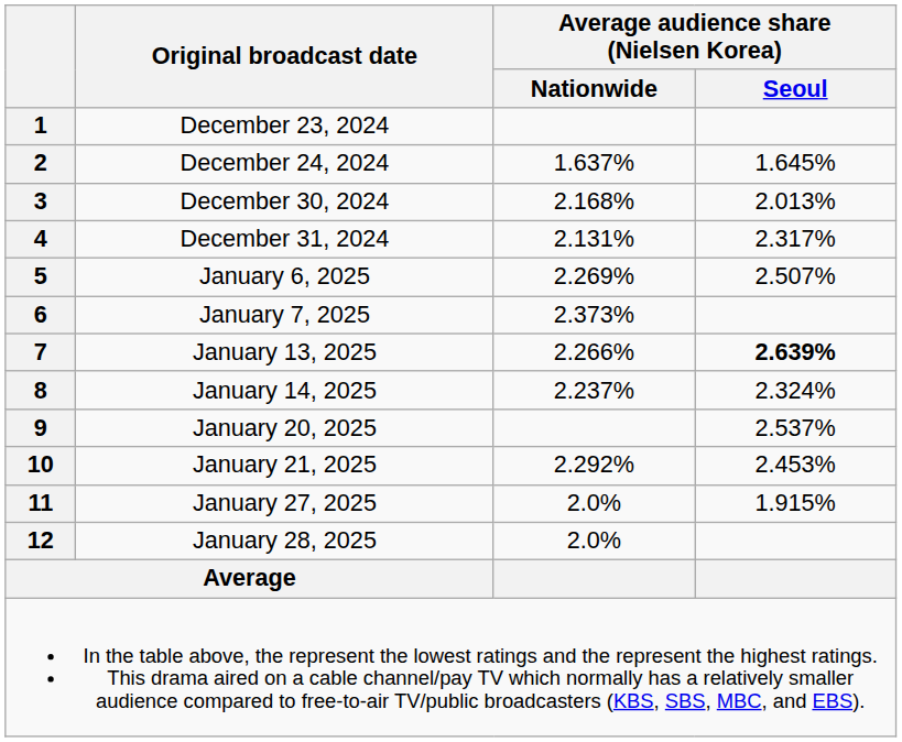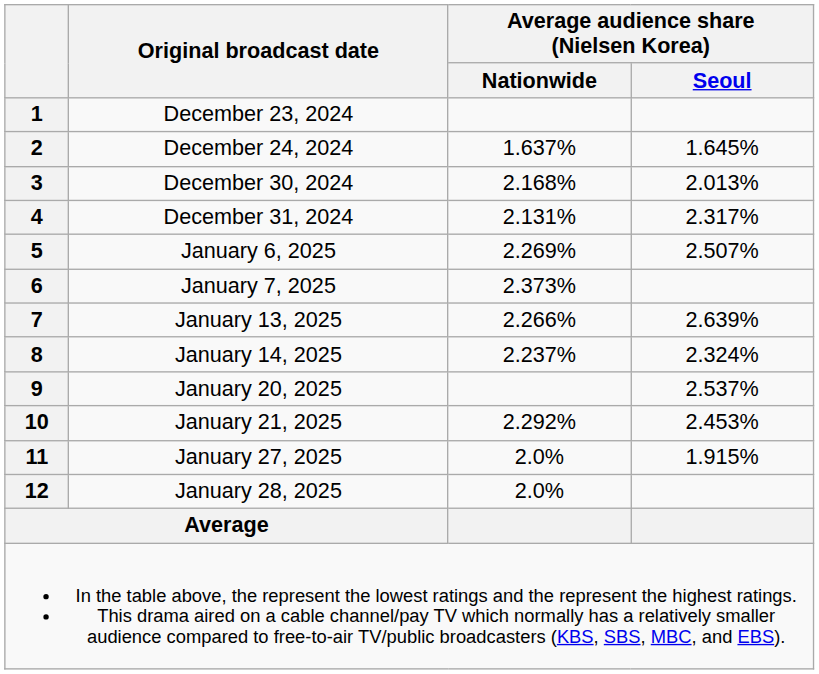 <table class="wikitable" style="margin-left:auto; margin-right:auto; width:600px; text-align:center">
 <tr>
 <th scope="col" rowspan="2"></th>
 <th scope="col" rowspan="2">Original broadcast date</th>
 <th scope="col" colspan="2">Average audience share<br>(Nielsen Korea)</th>
 </tr>
 <tr>
 <th scope="col" style="width:8em">Nationwide</th>
 <th scope="col" style="width:8em"><a href='#'>Seoul</a></th>
 </tr>
 <tr>
 <th scope="row">1</th>
 <td>December 23, 2024</td>
 <td><strong></strong> </td>
 <td><strong></strong> </td>
 </tr>
 <tr>
 <th scope="row">2</th>
 <td>December 24, 2024</td>
 <td>1.637% </td>
 <td>1.645% </td>
 </tr>
 <tr>
 <th scope="row">3</th>
 <td>December 30, 2024</td>
 <td>2.168% </td>
 <td>2.013% </td>
 </tr>
 <tr>
 <th scope="row">4</th>
 <td>December 31, 2024</td>
 <td>2.131% </td>
 <td>2.317% </td>
 </tr>
 <tr>
 <th scope="row">5</th>
 <td>January 6, 2025</td>
 <td>2.269% </td>
 <td>2.507% </td>
 </tr>
 <tr>
 <th scope="row">6</th>
 <td>January 7, 2025</td>
 <td>2.373% </td>
 <td><strong></strong> </td>
 </tr>
 <tr>
 <th scope="row">7</th>
 <td>January 13, 2025</td>
 <td>2.266% </td>
-<td><strong>2.639% </strong></td>
+<td>2.639% </td>
 </tr>
 <tr>
 <th scope="row">8</th>
 <td>January 14, 2025</td>
 <td>2.237% </td>
 <td>2.324% </td>
 </tr>
 <tr>
 <th scope="row">9</th>
 <td>January 20, 2025</td>
 <td><strong></strong> </td>
 <td>2.537% </td>
 </tr>
 <tr>
 <th scope="row">10</th>
 <td>January 21, 2025</td>
 <td>2.292% </td>
 <td>2.453% </td>
 </tr>
 <tr>
 <th scope="row">11</th>
 <td>January 27, 2025</td>
 <td>2.0% </td>
 <td>1.915% </td>
 </tr>
 <tr>
 <th scope="row">12</th>
 <td>January 28, 2025</td>
 <td>2.0% </td>
 <td></td>
 </tr>
 <tr>
 <th scope="col" colspan="2">Average</th>
 <th scope="col"></th>
 <th scope="col"></th>
 </tr>
 <tr>
 <td colspan="4" style="font-size:85%"><br><ul><li>In the table above, the <strong></strong> represent the lowest ratings and the <strong></strong> represent the highest ratings.</li><li>This drama aired on a cable channel/pay TV which normally has a relatively smaller audience compared to free-to-air TV/public broadcasters (<a href='#'>KBS</a>, <a href='#'>SBS</a>, <a href='#'>MBC</a>, and <a href='#'>EBS</a>).</li></ul></td>
 </tr>
 </table>
